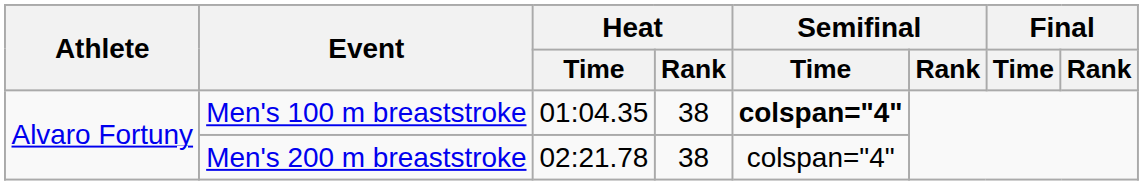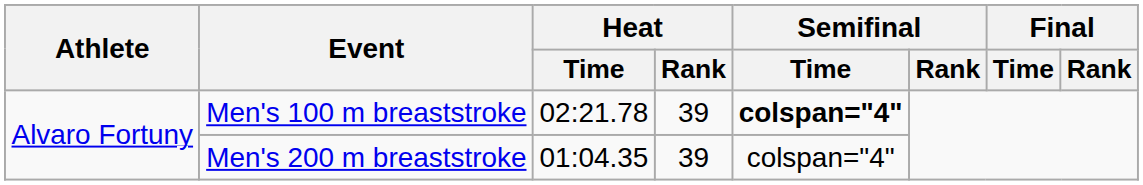 <table class=wikitable style=font-size:90%;text-align:center>
 <tr>
 <th rowspan=2>Athlete</th>
 <th rowspan=2>Event</th>
 <th colspan=2>Heat</th>
 <th colspan=2>Semifinal</th>
 <th colspan=2>Final</th>
 </tr>
 <tr style=font-size:95%>
 <th>Time</th>
 <th>Rank</th>
 <th>Time</th>
 <th>Rank</th>
 <th>Time</th>
 <th>Rank</th>
 </tr>
 <tr>
 <td align=left rowspan=2><a href='#'>Alvaro Fortuny</a></td>
 <td align=left><a href='#'>Men's 100 m breaststroke</a></td>
-<td>01:04.35</td>
-<td>38</td>
+<td>02:21.78</td>
+<td>39</td>
 <td><strong>colspan="4" </strong></td>
 </tr>
 <tr>
 <td align=left><a href='#'>Men's 200 m breaststroke</a></td>
-<td>02:21.78</td>
-<td>38</td>
+<td>01:04.35</td>
+<td>39</td>
 <td>colspan="4" </td>
 </tr>
 </table>
